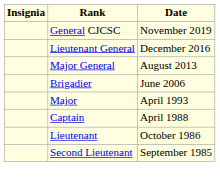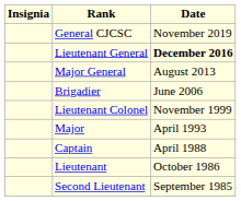 <table class="wikitable">
 <tr>
 <th style="background:#FFFFE0">Insignia</th>
 <th style="background:#FFFFE0">Rank</th>
 <th style="background:#FFFFE0">Date</th>
 </tr>
 <tr>
 <td style="background:#FFFFE0"> </td>
 <td style="background:#FFFFE0"><a href='#'>General</a> CJCSC</td>
 <td style="background:#FFFFE0">November 2019</td>
 </tr>
 <tr>
 <td style="background:#FFFFE0"></td>
 <td style="background:#FFFFE0"><a href='#'>Lieutenant General</a></td>
-<td style="background:#FFFFE0">December 2016</td>
+<td style="background:#FFFFE0"><strong>December 2016</strong></td>
 </tr>
 <tr>
 <td style="background:#FFFFE0"> </td>
 <td style="background:#FFFFE0"><a href='#'>Major General</a></td>
 <td style="background:#FFFFE0">August 2013</td>
 </tr>
 <tr>
 <td style="background:#FFFFE0"></td>
 <td style="background:#FFFFE0"><a href='#'>Brigadier</a></td>
 <td style="background:#FFFFE0">June 2006</td>
+</tr>
+<tr>
+<td style="background:#FFFFE0"></td>
+<td style="background:#FFFFE0"><a href='#'>Lieutenant Colonel</a></td>
+<td style="background:#FFFFE0">November 1999</td>
 </tr>
 <tr>
 <td style="background:#FFFFE0"></td>
 <td style="background:#FFFFE0"><a href='#'>Major</a></td>
 <td style="background:#FFFFE0">April 1993</td>
 </tr>
 <tr>
 <td style="background:#FFFFE0"></td>
 <td style="background:#FFFFE0"><a href='#'>Captain</a></td>
 <td style="background:#FFFFE0">April 1988</td>
 </tr>
 <tr>
 <td style="background:#FFFFE0"></td>
 <td style="background:#FFFFE0"><a href='#'>Lieutenant</a></td>
 <td style="background:#FFFFE0">October 1986</td>
 </tr>
 <tr>
 <td style="background:#FFFFE0"></td>
 <td style="background:#FFFFE0"><a href='#'>Second Lieutenant</a></td>
 <td style="background:#FFFFE0">September 1985</td>
 </tr>
 </table>
